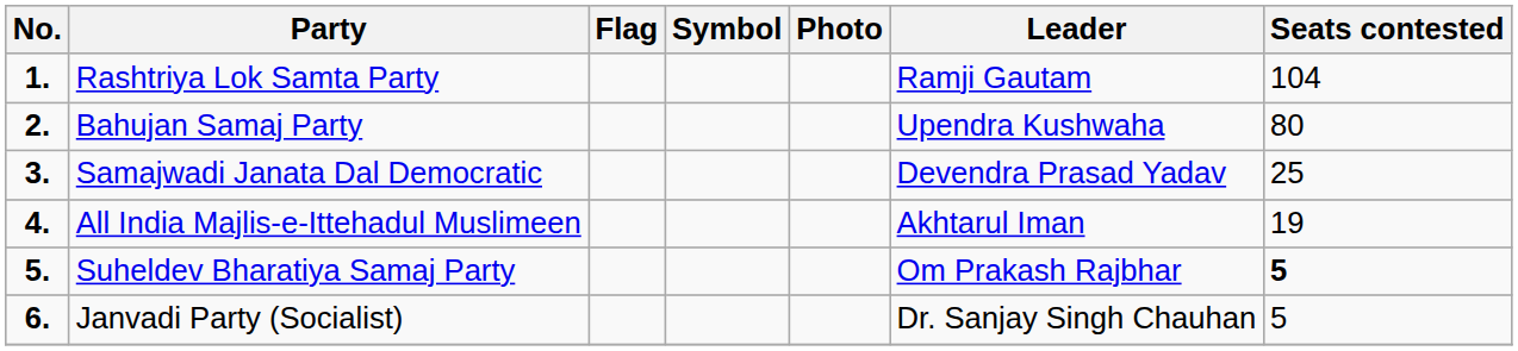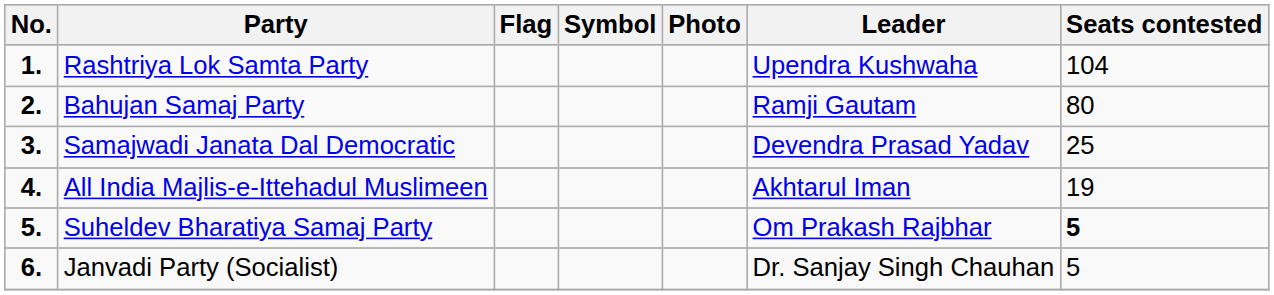 <table class="wikitable">
 <tr>
 <th>No.</th>
 <th>Party</th>
 <th>Flag</th>
 <th>Symbol</th>
 <th>Photo</th>
 <th>Leader</th>
 <th>Seats contested</th>
 </tr>
 <tr>
 <td style="text-align:center; background:"><strong>1.</strong></td>
 <td><a href='#'>Rashtriya Lok Samta Party</a></td>
 <td></td>
 <td></td>
 <td></td>
-<td><a href='#'>Ramji Gautam</a></td>
+<td><a href='#'>Upendra Kushwaha</a></td>
 <td>104</td>
 </tr>
 <tr>
 <td style="text-align:center; background:"><strong>2.</strong></td>
 <td><a href='#'>Bahujan Samaj Party</a></td>
 <td></td>
 <td></td>
 <td></td>
-<td><a href='#'>Upendra Kushwaha</a></td>
+<td><a href='#'>Ramji Gautam</a></td>
 <td>80</td>
 </tr>
 <tr>
 <td style="text-align:center; background:"><strong>3.</strong></td>
 <td><a href='#'>Samajwadi Janata Dal Democratic</a></td>
 <td></td>
 <td></td>
 <td></td>
 <td><a href='#'>Devendra Prasad Yadav</a></td>
 <td>25</td>
 </tr>
 <tr>
 <td style="text-align:center; background:"><strong>4.</strong></td>
 <td><a href='#'>All India Majlis-e-Ittehadul Muslimeen</a></td>
 <td></td>
 <td></td>
 <td></td>
 <td><a href='#'>Akhtarul Iman</a></td>
 <td>19</td>
 </tr>
 <tr>
 <td style="text-align:center; background:"><strong>5.</strong></td>
 <td><a href='#'>Suheldev Bharatiya Samaj Party</a></td>
 <td></td>
 <td></td>
 <td></td>
 <td><a href='#'>Om Prakash Rajbhar</a></td>
 <td><strong>5</strong></td>
 </tr>
 <tr>
 <td style="text-align:center; background:"><strong>6.</strong></td>
 <td>Janvadi Party (Socialist)</td>
 <td></td>
 <td></td>
 <td></td>
 <td>Dr. Sanjay Singh Chauhan</td>
 <td>5</td>
 </tr>
 <tr>
 </tr>
 </table>
